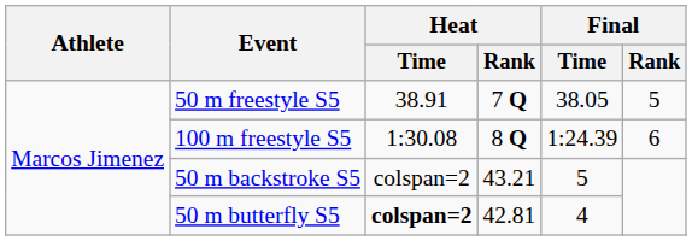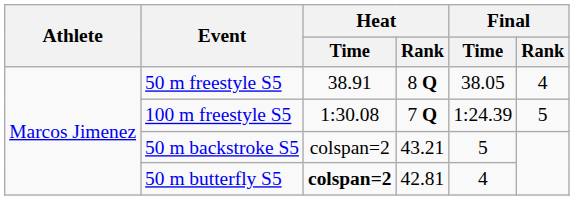 <table class=wikitable style=font-size:90%;text-align:center>
 <tr>
 <th rowspan=2>Athlete</th>
 <th rowspan=2>Event</th>
 <th colspan=2>Heat</th>
 <th colspan=2>Final</th>
 </tr>
 <tr style=font-size:95%>
 <th>Time</th>
 <th>Rank</th>
 <th>Time</th>
 <th>Rank</th>
 </tr>
 <tr align=center>
 <td align=left rowspan=4><a href='#'>Marcos Jimenez</a></td>
 <td align=left><a href='#'>50 m freestyle S5</a></td>
 <td>38.91</td>
-<td>7 <strong>Q</strong></td>
+<td>8 <strong>Q</strong></td>
 <td>38.05</td>
-<td>5</td>
+<td>4</td>
 </tr>
 <tr align=center>
 <td align=left><a href='#'>100 m freestyle S5</a></td>
 <td>1:30.08</td>
-<td>8 <strong>Q</strong></td>
+<td>7 <strong>Q</strong></td>
 <td>1:24.39</td>
-<td>6</td>
+<td>5</td>
 </tr>
 <tr align=center>
 <td align=left><a href='#'>50 m backstroke S5</a></td>
 <td>colspan=2 </td>
 <td>43.21</td>
 <td>5</td>
 </tr>
 <tr align=center>
 <td align=left><a href='#'>50 m butterfly S5</a></td>
 <td><strong>colspan=2 </strong></td>
 <td>42.81</td>
 <td>4</td>
 </tr>
 </table>
